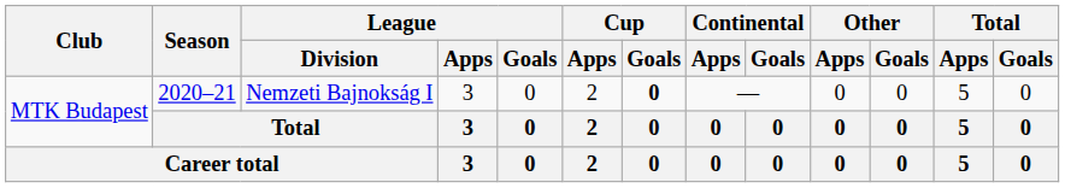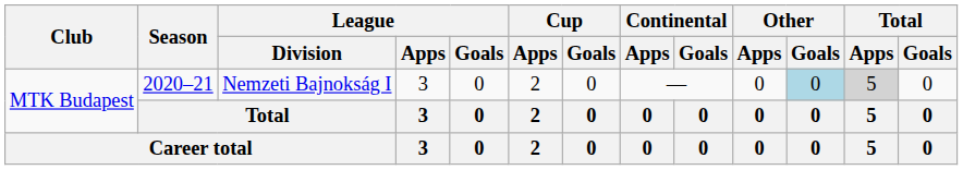 <table class="wikitable" style="text-align:center">
 <tr>
 <th rowspan="2">Club</th>
 <th rowspan="2">Season</th>
 <th colspan="3">League</th>
 <th colspan="2">Cup</th>
 <th colspan="2">Continental</th>
 <th colspan="2">Other</th>
 <th colspan="2">Total</th>
 </tr>
 <tr>
 <th>Division</th>
 <th>Apps</th>
 <th>Goals</th>
 <th>Apps</th>
 <th>Goals</th>
 <th>Apps</th>
 <th>Goals</th>
 <th>Apps</th>
 <th>Goals</th>
 <th>Apps</th>
 <th>Goals</th>
 </tr>
 <tr>
 <td rowspan="2"><a href='#'>MTK Budapest</a></td>
 <td><a href='#'>2020–21</a></td>
 <td rowspan="1"><a href='#'>Nemzeti Bajnokság I</a></td>
 <td>3</td>
 <td>0</td>
 <td>2</td>
-<td><strong>0</strong></td>
+<td>0</td>
 <td colspan="2">—</td>
 <td>0</td>
-<td>0</td>
-<td>5</td>
+<td style="background: lightblue;">0</td>
+<td style="background: lightgrey;">5</td>
 <td>0</td>
 </tr>
 <tr>
 <th colspan="2">Total</th>
 <th>3</th>
 <th>0</th>
 <th>2</th>
 <th>0</th>
 <th>0</th>
 <th>0</th>
 <th>0</th>
 <th>0</th>
 <th>5</th>
 <th>0</th>
 </tr>
 <tr>
 <th colspan="3">Career total</th>
 <th>3</th>
 <th>0</th>
 <th>2</th>
 <th>0</th>
 <th>0</th>
 <th>0</th>
 <th>0</th>
 <th>0</th>
 <th>5</th>
 <th>0</th>
 </tr>
 </table>
